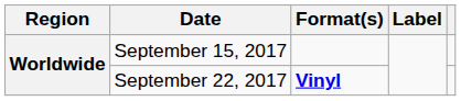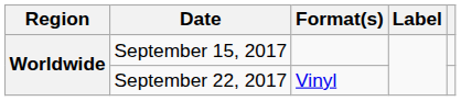 <table class="wikitable plainrowheaders">
 <tr>
 <th scope="col">Region</th>
 <th scope="col">Date</th>
 <th scope="col">Format(s)</th>
 <th scope="col">Label</th>
 <th scope="col"></th>
 </tr>
 <tr>
 <th scope="row" rowspan="2">Worldwide</th>
 <td>September 15, 2017</td>
 <td></td>
 <td rowspan="2"></td>
 <td></td>
 </tr>
 <tr>
 <td>September 22, 2017</td>
-<td><strong><a href='#'>Vinyl</a></strong></td>
+<td><a href='#'>Vinyl</a></td>
 <td></td>
 </tr>
 </table>
